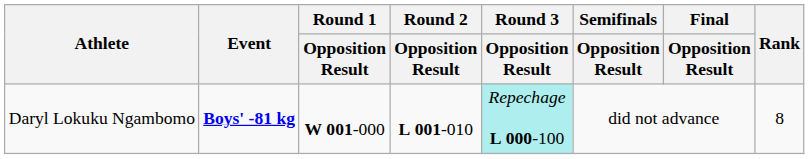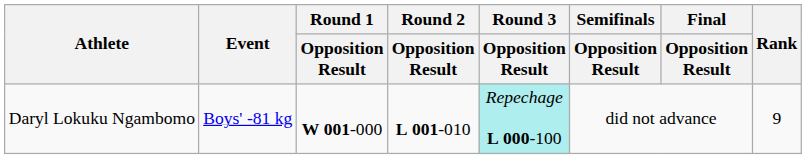 <table class="wikitable" border="1" style="font-size:90%">
 <tr>
 <th rowspan=2>Athlete</th>
 <th rowspan=2>Event</th>
 <th>Round 1</th>
 <th>Round 2</th>
 <th>Round 3</th>
 <th>Semifinals</th>
 <th>Final</th>
 <th rowspan=2>Rank</th>
 </tr>
 <tr>
 <th>Opposition<br>Result</th>
 <th>Opposition<br>Result</th>
 <th>Opposition<br>Result</th>
 <th>Opposition<br>Result</th>
 <th>Opposition<br>Result</th>
 </tr>
 <tr>
 <td>Daryl Lokuku Ngambomo</td>
-<td><strong><a href='#'>Boys' -81 kg</a></strong></td>
+<td><a href='#'>Boys' -81 kg</a></td>
 <td align=center> <br> <strong>W</strong> <strong>001</strong>-000</td>
 <td align=center> <br> <strong>L</strong> <strong>001</strong>-010</td>
 <td align=center style="background: paleturquoise;"><em>Repechage</em><br> <br> <strong>L</strong> <strong>000</strong>-100</td>
 <td align=center colspan=2>did not advance</td>
-<td align=center>8</td>
+<td align=center>9</td>
 </tr>
 </table>
